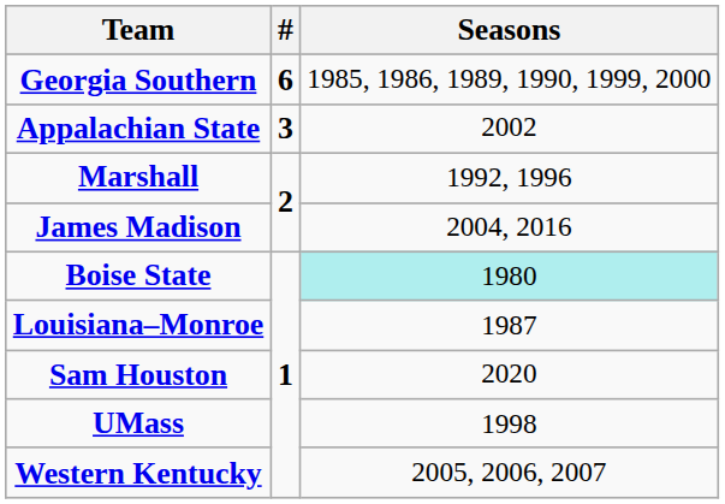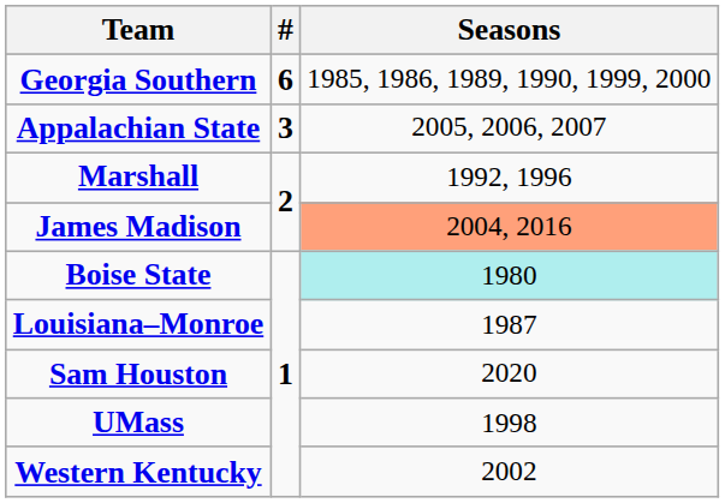 <table class="wikitable" style="text-align:center;">
 <tr>
 <th width=px>Team</th>
 <th width=px>#</th>
 <th width=px>Seasons</th>
 </tr>
 <tr>
 <td><strong><a href='#'>Georgia Southern</a></strong></td>
 <td><strong>6</strong></td>
 <td style="font-size:90%;">1985, 1986, 1989, 1990, 1999, 2000</td>
 </tr>
 <tr>
 <td><strong><a href='#'>Appalachian State</a></strong></td>
 <td><strong>3</strong></td>
-<td style="font-size:90%;">2002</td>
+<td style="font-size:90%;">2005, 2006, 2007</td>
 </tr>
 <tr>
 <td><strong><a href='#'>Marshall</a></strong></td>
 <td rowspan=2><strong>2</strong></td>
 <td style="font-size:90%;">1992, 1996</td>
 </tr>
 <tr>
 <td><strong><a href='#'>James Madison</a></strong></td>
-<td style="font-size:90%;">2004, 2016</td>
+<td style="background: lightsalmon; font-size:90%;">2004, 2016</td>
 </tr>
 <tr>
 <td><strong><a href='#'>Boise State</a></strong></td>
 <td rowspan=5><strong>1</strong></td>
 <td style="background: paleturquoise; font-size:90%;">1980</td>
 </tr>
 <tr>
 <td><strong><a href='#'>Louisiana–Monroe</a></strong></td>
 <td style="font-size:90%;">1987</td>
 </tr>
 <tr>
 <td><strong><a href='#'>Sam Houston</a></strong></td>
 <td style="font-size:90%;">2020</td>
 </tr>
 <tr>
 <td><strong><a href='#'>UMass</a></strong></td>
 <td style="font-size:90%;">1998</td>
 </tr>
 <tr>
 <td><strong><a href='#'>Western Kentucky</a></strong></td>
-<td style="font-size:90%;">2005, 2006, 2007</td>
+<td style="font-size:90%;">2002</td>
 </tr>
 </table>
